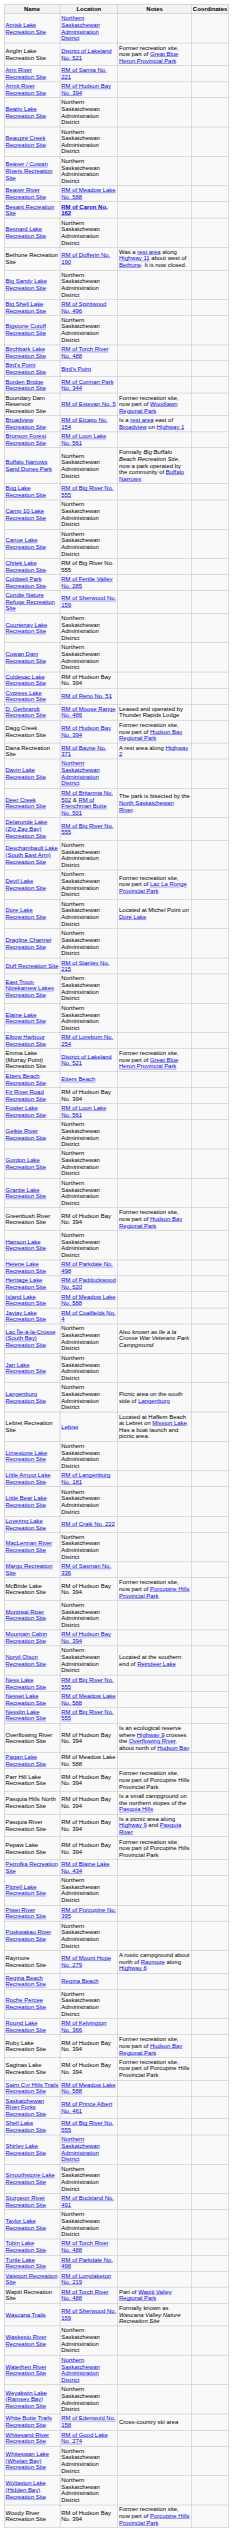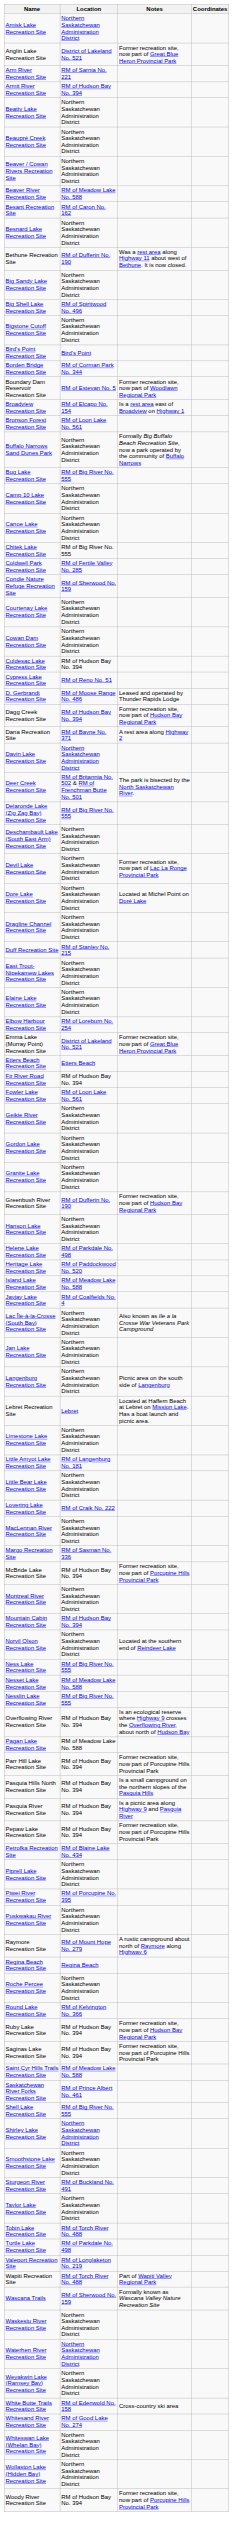 <table class='wikitable sortable'>
 <tr>
 <th>Name</th>
 <th>Location</th>
 <th>Notes</th>
 <th>Coordinates</th>
 </tr>
 <tr>
 <td><a href='#'>Amisk Lake Recreation Site</a></td>
 <td><a href='#'>Northern Saskatchewan Administration District</a></td>
 <td></td>
 <td></td>
 </tr>
 <tr>
 <td>Anglin Lake Recreation Site</td>
 <td><a href='#'>District of Lakeland No. 521</a></td>
 <td>Former recreation site, now part of <a href='#'>Great Blue Heron Provincial Park</a></td>
 <td></td>
 </tr>
 <tr>
 <td><a href='#'>Arm River Recreation Site</a></td>
 <td><a href='#'>RM of Sarnia No. 221</a></td>
 <td></td>
 <td></td>
 </tr>
 <tr>
 <td><a href='#'>Armit River Recreation Site</a></td>
 <td><a href='#'>RM of Hudson Bay No. 394</a></td>
 <td></td>
 <td></td>
 </tr>
 <tr>
 <td><a href='#'>Beatty Lake Recreation Site</a></td>
 <td>Northern Saskatchewan Administration District</td>
 <td></td>
 <td></td>
 </tr>
 <tr>
 <td><a href='#'>Beaupré Creek Recreation Site</a></td>
 <td>Northern Saskatchewan Administration District</td>
 <td></td>
 <td></td>
 </tr>
 <tr>
 <td><a href='#'>Beaver / Cowan Rivers Recreation Site</a></td>
 <td>Northern Saskatchewan Administration District</td>
 <td></td>
 <td></td>
 </tr>
 <tr>
 <td><a href='#'>Beaver River Recreation Site</a></td>
 <td><a href='#'>RM of Meadow Lake No. 588</a></td>
 <td></td>
 <td></td>
 </tr>
 <tr>
 <td><a href='#'>Besant Recreation Site</a></td>
-<td><strong><a href='#'>RM of Caron No. 162</a></strong></td>
+<td><a href='#'>RM of Caron No. 162</a></td>
 <td></td>
 <td></td>
 </tr>
 <tr>
 <td><a href='#'>Besnard Lake Recreation Site</a></td>
 <td>Northern Saskatchewan Administration District</td>
 <td></td>
 <td></td>
 </tr>
 <tr>
 <td>Bethune Recreation Site</td>
 <td><a href='#'>RM of Dufferin No. 190</a></td>
 <td>Was a <a href='#'>rest area</a> along <a href='#'>Highway 11</a> about  west of <a href='#'>Bethune</a>. It is now closed.</td>
 <td></td>
 </tr>
 <tr>
 <td><a href='#'>Big Sandy Lake Recreation Site</a></td>
 <td>Northern Saskatchewan Administration District</td>
 <td></td>
 <td></td>
 </tr>
 <tr>
 <td><a href='#'>Big Shell Lake Recreation Site</a></td>
 <td><a href='#'>RM of Spiritwood No. 496</a></td>
 <td></td>
 <td></td>
 </tr>
 <tr>
 <td><a href='#'>Bigstone Cutoff Recreation Site</a></td>
 <td>Northern Saskatchewan Administration District</td>
-<td></td>
-<td></td>
-</tr>
-<tr>
-<td><a href='#'>Birchbark Lake Recreation Site</a></td>
-<td><a href='#'>RM of Torch River No. 488</a></td>
 <td></td>
 <td></td>
 </tr>
 <tr>
 <td><a href='#'>Bird's Point Recreation Site</a></td>
 <td><a href='#'>Bird's Point</a></td>
 <td></td>
 <td></td>
 </tr>
 <tr>
 <td><a href='#'>Borden Bridge Recreation Site</a></td>
 <td><a href='#'>RM of Corman Park No. 344</a></td>
 <td></td>
 <td></td>
 </tr>
 <tr>
 <td>Boundary Dam Reservoir Recreation Site</td>
 <td><a href='#'>RM of Estevan No. 5</a></td>
 <td>Former recreation site, now part of <a href='#'>Woodlawn Regional Park</a></td>
 <td></td>
 </tr>
 <tr>
 <td><a href='#'>Broadview Recreation Site</a></td>
 <td><a href='#'>RM of Elcapo No. 154</a></td>
 <td>Is a <a href='#'>rest area</a>  east of <a href='#'>Broadview</a> on <a href='#'>Highway 1</a></td>
 <td></td>
 </tr>
 <tr>
 <td><a href='#'>Bronson Forest Recreation Site</a></td>
 <td><a href='#'>RM of Loon Lake No. 561</a></td>
 <td></td>
 <td></td>
 </tr>
 <tr>
 <td><a href='#'>Buffalo Narrows Sand Dunes Park</a></td>
 <td>Northern Saskatchewan Administration District</td>
 <td>Formally <em>Big Buffalo Beach Recreation Site</em>, now a park operated by the community of <a href='#'>Buffalo Narrows</a></td>
 <td></td>
 </tr>
 <tr>
 <td><a href='#'>Bug Lake Recreation Site</a></td>
 <td><a href='#'>RM of Big River No. 555</a></td>
 <td></td>
 <td></td>
 </tr>
 <tr>
 <td><a href='#'>Camp 10 Lake Recreation Site</a></td>
 <td>Northern Saskatchewan Administration District</td>
 <td></td>
 <td></td>
 </tr>
 <tr>
 <td><a href='#'>Canoe Lake Recreation Site</a></td>
 <td>Northern Saskatchewan Administration District</td>
 <td></td>
 <td></td>
 </tr>
 <tr>
 <td><a href='#'>Chitek Lake Recreation Site</a></td>
 <td>RM of Big River No. 555</td>
 <td></td>
 <td></td>
 </tr>
 <tr>
 <td><a href='#'>Coldwell Park Recreation Site</a></td>
 <td><a href='#'>RM of Fertile Valley No. 285</a></td>
 <td></td>
 <td></td>
 </tr>
 <tr>
 <td><a href='#'>Condie Nature Refuge Recreation Site</a></td>
 <td><a href='#'>RM of Sherwood No. 159</a></td>
 <td></td>
 <td></td>
 </tr>
 <tr>
 <td><a href='#'>Courtenay Lake Recreation Site</a></td>
 <td>Northern Saskatchewan Administration District</td>
 <td></td>
 <td></td>
 </tr>
 <tr>
 <td><a href='#'>Cowan Dam Recreation Site</a></td>
 <td>Northern Saskatchewan Administration District</td>
 <td></td>
 <td></td>
 </tr>
 <tr>
 <td><a href='#'>Culdesac Lake Recreation Site</a></td>
 <td>RM of Hudson Bay No. 394</td>
 <td></td>
 <td></td>
 </tr>
 <tr>
 <td><a href='#'>Cypress Lake Recreation Site</a></td>
 <td><a href='#'>RM of Reno No. 51</a></td>
 <td></td>
 <td></td>
 </tr>
 <tr>
 <td><a href='#'>D. Gerbrandt Recreation Site</a></td>
 <td><a href='#'>RM of Moose Range No. 486</a></td>
 <td>Leased and operated by Thunder Rapids Lodge</td>
 <td></td>
 </tr>
 <tr>
 <td>Dagg Creek Recreation Site</td>
 <td><a href='#'>RM of Hudson Bay No. 394</a></td>
 <td>Former recreation site, now part of <a href='#'>Hudson Bay Regional Park</a></td>
 <td></td>
 </tr>
 <tr>
 <td>Dana Recreation Site</td>
 <td><a href='#'>RM of Bayne No. 371</a></td>
 <td>A rest area along <a href='#'>Highway 2</a></td>
 <td></td>
 </tr>
 <tr>
 <td><a href='#'>Davin Lake Recreation Site</a></td>
 <td><a href='#'>Northern Saskatchewan Administration District</a></td>
 <td></td>
 <td></td>
 </tr>
 <tr>
 <td><a href='#'>Deer Creek Recreation Site</a></td>
 <td><a href='#'>RM of Britannia No. 502</a> & <a href='#'>RM of Frenchman Butte No. 501</a></td>
 <td>The park is bisected by the <a href='#'>North Saskatchewan River</a>.</td>
 <td></td>
 </tr>
 <tr>
 <td><a href='#'>Delaronde Lake (Zig Zag Bay) Recreation Site</a></td>
 <td><a href='#'>RM of Big River No. 555</a></td>
 <td></td>
 <td></td>
 </tr>
 <tr>
 <td><a href='#'>Deschambault Lake (South East Arm) Recreation Site</a></td>
 <td>Northern Saskatchewan Administration District</td>
 <td></td>
 <td></td>
 </tr>
 <tr>
 <td><a href='#'>Devil Lake Recreation Site</a></td>
 <td>Northern Saskatchewan Administration District</td>
 <td>Former recreation site, now part of <a href='#'>Lac La Ronge Provincial Park</a></td>
 <td></td>
 </tr>
 <tr>
 <td><a href='#'>Dore Lake Recreation Site</a></td>
 <td>Northern Saskatchewan Administration District</td>
 <td>Located at Michel Point on <a href='#'>Doré Lake</a></td>
 <td></td>
 </tr>
 <tr>
 <td><a href='#'>Dragline Channel Recreation Site</a></td>
 <td>Northern Saskatchewan Administration District</td>
 <td></td>
 <td></td>
 </tr>
 <tr>
 <td><a href='#'>Duff Recreation Site</a></td>
 <td><a href='#'>RM of Stanley No. 215</a></td>
 <td></td>
 <td></td>
 </tr>
 <tr>
 <td><a href='#'>East Trout-Nipekamew Lakes Recreation Site</a></td>
 <td>Northern Saskatchewan Administration District</td>
 <td></td>
 <td></td>
 </tr>
 <tr>
 <td><a href='#'>Elaine Lake Recreation Site</a></td>
 <td>Northern Saskatchewan Administration District</td>
 <td></td>
 <td></td>
 </tr>
 <tr>
 <td><a href='#'>Elbow Harbour Recreation Site</a></td>
 <td><a href='#'>RM of Loreburn No. 254</a></td>
 <td></td>
 <td></td>
 </tr>
 <tr>
 <td>Emma Lake (Murray Point) Recreation Site</td>
 <td><a href='#'>District of Lakeland No. 521</a></td>
 <td>Former recreation site, now part of <a href='#'>Great Blue Heron Provincial Park</a></td>
 <td></td>
 </tr>
 <tr>
 <td><a href='#'>Etters Beach Recreation Site</a></td>
 <td><a href='#'>Etters Beach</a></td>
 <td></td>
 <td></td>
 </tr>
 <tr>
 <td><a href='#'>Fir River Road Recreation Site</a></td>
 <td>RM of Hudson Bay No. 394</td>
 <td></td>
 <td></td>
 </tr>
 <tr>
 <td><a href='#'>Fowler Lake Recreation Site</a></td>
 <td><a href='#'>RM of Loon Lake No. 561</a></td>
 <td></td>
 <td></td>
 </tr>
 <tr>
 <td><a href='#'>Geikie River Recreation Site</a></td>
 <td>Northern Saskatchewan Administration District</td>
 <td></td>
 <td></td>
 </tr>
 <tr>
 <td><a href='#'>Gordon Lake Recreation Site</a></td>
 <td>Northern Saskatchewan Administration District</td>
 <td></td>
 <td></td>
 </tr>
 <tr>
 <td><a href='#'>Granite Lake Recreation Site</a></td>
 <td>Northern Saskatchewan Administration District</td>
 <td></td>
 <td></td>
 </tr>
 <tr>
 <td>Greenbush River Recreation Site</td>
-<td>RM of Hudson Bay No. 394</td>
+<td><a href='#'>RM of Dufferin No. 190</a></td>
 <td>Former recreation site, now part of <a href='#'>Hudson Bay Regional Park</a></td>
 <td></td>
 </tr>
 <tr>
 <td><a href='#'>Hanson Lake Recreation Site</a></td>
 <td>Northern Saskatchewan Administration District</td>
 <td></td>
 <td></td>
 </tr>
 <tr>
 <td><a href='#'>Helene Lake Recreation Site</a></td>
 <td><a href='#'>RM of Parkdale No. 498</a></td>
 <td></td>
 <td></td>
 </tr>
 <tr>
 <td><a href='#'>Heritage Lake Recreation Site</a></td>
 <td><a href='#'>RM of Paddockwood No. 520</a></td>
 <td></td>
 <td></td>
 </tr>
 <tr>
 <td><a href='#'>Island Lake Recreation Site</a></td>
 <td><a href='#'>RM of Meadow Lake No. 588</a></td>
 <td></td>
 <td></td>
 </tr>
 <tr>
 <td><a href='#'>Jayjay Lake Recreation Site</a></td>
 <td><a href='#'>RM of Coalfields No. 4</a></td>
 <td></td>
 <td></td>
 </tr>
 <tr>
 <td><a href='#'>Lac Île-à-la-Crosse (South Bay) Recreation Site</a></td>
 <td>Northern Saskatchewan Administration District</td>
 <td>Also known as <em>Ile a la Crosse War Veterans Park Campground</em></td>
 <td></td>
 </tr>
 <tr>
 <td><a href='#'>Jan Lake Recreation Site</a></td>
 <td>Northern Saskatchewan Administration District</td>
 <td></td>
 <td></td>
 </tr>
 <tr>
 <td><a href='#'>Langenburg Recreation Site</a></td>
 <td>Northern Saskatchewan Administration District</td>
 <td>Picnic area on the south side of <a href='#'>Langenburg</a></td>
 <td></td>
 </tr>
 <tr>
 <td>Lebret Recreation Site</td>
 <td><a href='#'>Lebret</a></td>
 <td>Located at Haffern Beach at Lebret on <a href='#'>Mission Lake</a>. Has a boat launch and picnic area.</td>
 <td></td>
 </tr>
 <tr>
 <td><a href='#'>Limestone Lake Recreation Site</a></td>
 <td>Northern Saskatchewan Administration District</td>
 <td></td>
 <td></td>
 </tr>
 <tr>
 <td><a href='#'>Little Amyot Lake Recreation Site</a></td>
 <td><a href='#'>RM of Langenburg No. 181</a></td>
 <td></td>
 <td></td>
 </tr>
 <tr>
 <td><a href='#'>Little Bear Lake Recreation Site</a></td>
 <td>Northern Saskatchewan Administration District</td>
 <td></td>
 <td></td>
 </tr>
 <tr>
 <td><a href='#'>Lovering Lake Recreation Site</a></td>
 <td><a href='#'>RM of Craik No. 222</a></td>
 <td></td>
 <td></td>
 </tr>
 <tr>
 <td><a href='#'>MacLennan River Recreation Site</a></td>
 <td>Northern Saskatchewan Administration District</td>
 <td></td>
 <td></td>
 </tr>
 <tr>
 <td><a href='#'>Margo Recreation Site</a></td>
 <td><a href='#'>RM of Sasman No. 336</a></td>
 <td></td>
 <td></td>
 </tr>
 <tr>
 <td>McBride Lake Recreation Site</td>
 <td>RM of Hudson Bay No. 394</td>
 <td>Former recreation site, now part of <a href='#'>Porcupine Hills Provincial Park</a></td>
 <td></td>
 </tr>
 <tr>
 <td><a href='#'>Montreal River Recreation Site</a></td>
 <td>Northern Saskatchewan Administration District</td>
 <td></td>
 <td></td>
 </tr>
 <tr>
 <td><a href='#'>Mountain Cabin Recreation Site</a></td>
 <td><a href='#'>RM of Hudson Bay No. 394</a></td>
 <td></td>
 <td></td>
 </tr>
 <tr>
 <td><a href='#'>Norvil Olson Recreation Site</a></td>
 <td>Northern Saskatchewan Administration District</td>
 <td>Located at the southern end of <a href='#'>Reindeer Lake</a></td>
 <td></td>
 </tr>
 <tr>
 <td><a href='#'>Ness Lake Recreation Site</a></td>
 <td><a href='#'>RM of Big River No. 555</a></td>
 <td></td>
 <td></td>
 </tr>
 <tr>
 <td><a href='#'>Nesset Lake Recreation Site</a></td>
 <td><a href='#'>RM of Meadow Lake No. 588</a></td>
 <td></td>
 <td></td>
 </tr>
 <tr>
 <td><a href='#'>Nesslin Lake Recreation Site</a></td>
 <td><a href='#'>RM of Big River No. 555</a></td>
 <td></td>
 <td></td>
 </tr>
 <tr>
 <td>Overflowing River Recreation Site</td>
 <td>RM of Hudson Bay No. 394</td>
 <td>Is an ecological reserve where <a href='#'>Highway 9</a> crosses the <a href='#'>Overflowing River</a>, about  north of <a href='#'>Hudson Bay</a></td>
 <td></td>
 </tr>
 <tr>
 <td><a href='#'>Pagan Lake Recreation Site</a></td>
 <td>RM of Meadow Lake No. 588</td>
 <td></td>
 <td></td>
 </tr>
 <tr>
 <td>Parr Hill Lake Recreation Site</td>
 <td>RM of Hudson Bay No. 394</td>
 <td>Former recreation site, now part of Porcupine Hills Provincial Park</td>
 <td></td>
 </tr>
 <tr>
 <td>Pasquia Hills North Recreation Site</td>
 <td>RM of Hudson Bay No. 394</td>
 <td>Is a small campground on the northern slopes of the <a href='#'>Pasquia Hills</a></td>
 <td></td>
 </tr>
 <tr>
 <td>Pasquia River Recreation Site</td>
 <td>RM of Hudson Bay No. 394</td>
 <td>Is a picnic area along <a href='#'>Highway 9</a> and <a href='#'>Pasquia River</a></td>
 <td></td>
 </tr>
 <tr>
 <td>Pepaw Lake Recreation Site</td>
 <td>RM of Hudson Bay No. 394</td>
 <td>Former recreation site, now part of Porcupine Hills Provincial Park</td>
 <td></td>
 </tr>
 <tr>
 <td><a href='#'>Petrofka Recreation Site</a></td>
 <td><a href='#'>RM of Blaine Lake No. 434</a></td>
 <td></td>
 <td></td>
 </tr>
 <tr>
 <td><a href='#'>Piprell Lake Recreation Site</a></td>
 <td>Northern Saskatchewan Administration District</td>
 <td></td>
 <td></td>
 </tr>
 <tr>
 <td><a href='#'>Piwei River Recreation Site</a></td>
 <td><a href='#'>RM of Porcupine No. 395</a></td>
 <td></td>
 <td></td>
 </tr>
 <tr>
 <td><a href='#'>Puskwakau River Recreation Site</a></td>
 <td>Northern Saskatchewan Administration District</td>
 <td></td>
 <td></td>
 </tr>
 <tr>
 <td>Raymore Recreation Site</td>
 <td><a href='#'>RM of Mount Hope No. 279</a></td>
 <td>A rustic campground about  north of <a href='#'>Raymore</a> along <a href='#'>Highway 6</a></td>
 <td></td>
 </tr>
 <tr>
 <td><a href='#'>Regina Beach Recreation Site</a></td>
 <td><a href='#'>Regina Beach</a></td>
 <td></td>
 <td></td>
 </tr>
 <tr>
 <td><a href='#'>Roche Percee Recreation Site</a></td>
 <td>Northern Saskatchewan Administration District</td>
 <td></td>
 <td></td>
 </tr>
 <tr>
 <td><a href='#'>Round Lake Recreation Site</a></td>
 <td><a href='#'>RM of Kelvington No. 366</a></td>
 <td></td>
 <td></td>
 </tr>
 <tr>
 <td>Ruby Lake Recreation Site</td>
 <td>RM of Hudson Bay No. 394</td>
 <td>Former recreation site, now part of <a href='#'>Hudson Bay Regional Park</a></td>
 <td></td>
 </tr>
 <tr>
 <td>Saginas Lake Recreation Site</td>
 <td>RM of Hudson Bay No. 394</td>
 <td>Former recreation site, now part of Porcupine Hills Provincial Park</td>
 <td></td>
 </tr>
 <tr>
 <td><a href='#'>Saint Cyr Hills Trails Recreation Site</a></td>
 <td><a href='#'>RM of Meadow Lake No. 588</a></td>
 <td></td>
 <td></td>
 </tr>
 <tr>
 <td><a href='#'>Saskatchewan River Forks Recreation Site</a></td>
 <td><a href='#'>RM of Prince Albert No. 461</a></td>
 <td></td>
 <td></td>
 </tr>
 <tr>
 <td><a href='#'>Shell Lake Recreation Site</a></td>
 <td><a href='#'>RM of Big River No. 555</a></td>
 <td></td>
 <td></td>
 </tr>
 <tr>
 <td><a href='#'>Shirley Lake Recreation Site</a></td>
 <td><a href='#'>Northern Saskatchewan Administration District</a></td>
 <td></td>
 <td></td>
 </tr>
 <tr>
 <td><a href='#'>Smoothstone Lake Recreation Site</a></td>
 <td>Northern Saskatchewan Administration District</td>
 <td></td>
 <td></td>
 </tr>
 <tr>
 <td><a href='#'>Sturgeon River Recreation Site</a></td>
 <td><a href='#'>RM of Buckland No. 491</a></td>
 <td></td>
 <td></td>
 </tr>
 <tr>
 <td><a href='#'>Taylor Lake Recreation Site</a></td>
 <td>Northern Saskatchewan Administration District</td>
 <td></td>
 <td></td>
 </tr>
 <tr>
 <td><a href='#'>Tobin Lake Recreation Site</a></td>
 <td><a href='#'>RM of Torch River No. 488</a></td>
 <td></td>
 <td></td>
 </tr>
 <tr>
 <td><a href='#'>Turtle Lake Recreation Site</a></td>
 <td><a href='#'>RM of Parkdale No. 498</a></td>
 <td></td>
 <td></td>
 </tr>
 <tr>
 <td><a href='#'>Valeport Recreation Site</a></td>
 <td><a href='#'>RM of Longlaketon No. 219</a></td>
 <td></td>
 <td></td>
 </tr>
 <tr>
 <td>Wapiti Recreation Site</td>
 <td><a href='#'>RM of Torch River No. 488</a></td>
 <td>Part of <a href='#'>Wapiti Valley Regional Park</a></td>
 <td></td>
 </tr>
 <tr>
 <td><a href='#'>Wascana Trails</a></td>
 <td><a href='#'>RM of Sherwood No. 159</a></td>
 <td>Formally known as <em>Wascana Valley Nature Recreation Site</em></td>
 <td></td>
 </tr>
 <tr>
 <td><a href='#'>Waskesiu River Recreation Site</a></td>
 <td>Northern Saskatchewan Administration District</td>
 <td></td>
 <td></td>
 </tr>
 <tr>
 <td><a href='#'>Waterhen River Recreation Site</a></td>
 <td><a href='#'>Northern Saskatchewan Administration District</a></td>
 <td></td>
 <td></td>
 </tr>
 <tr>
 <td><a href='#'>Weyakwin Lake (Ramsey Bay) Recreation Site</a></td>
 <td>Northern Saskatchewan Administration District</td>
 <td></td>
 <td></td>
 </tr>
 <tr>
 <td><a href='#'>White Butte Trails Recreation Site</a></td>
 <td><a href='#'>RM of Edenwold No. 158</a></td>
 <td>Cross-country ski area</td>
 <td></td>
 </tr>
 <tr>
 <td><a href='#'>Whitesand River Recreation Site</a></td>
 <td><a href='#'>RM of Good Lake No. 274</a></td>
 <td></td>
 <td></td>
 </tr>
 <tr>
 <td><a href='#'>Whiteswan Lake (Whelan Bay) Recreation Site</a></td>
 <td>Northern Saskatchewan Administration District</td>
 <td></td>
 <td></td>
 </tr>
 <tr>
 <td><a href='#'>Wollaston Lake (Hidden Bay) Recreation Site</a></td>
 <td>Northern Saskatchewan Administration District</td>
 <td></td>
 <td></td>
 </tr>
 <tr>
 <td>Woody River Recreation Site</td>
 <td>RM of Hudson Bay No. 394</td>
 <td>Former recreation site, now part of <a href='#'>Porcupine Hills Provincial Park</a></td>
 <td></td>
 </tr>
 </table>
